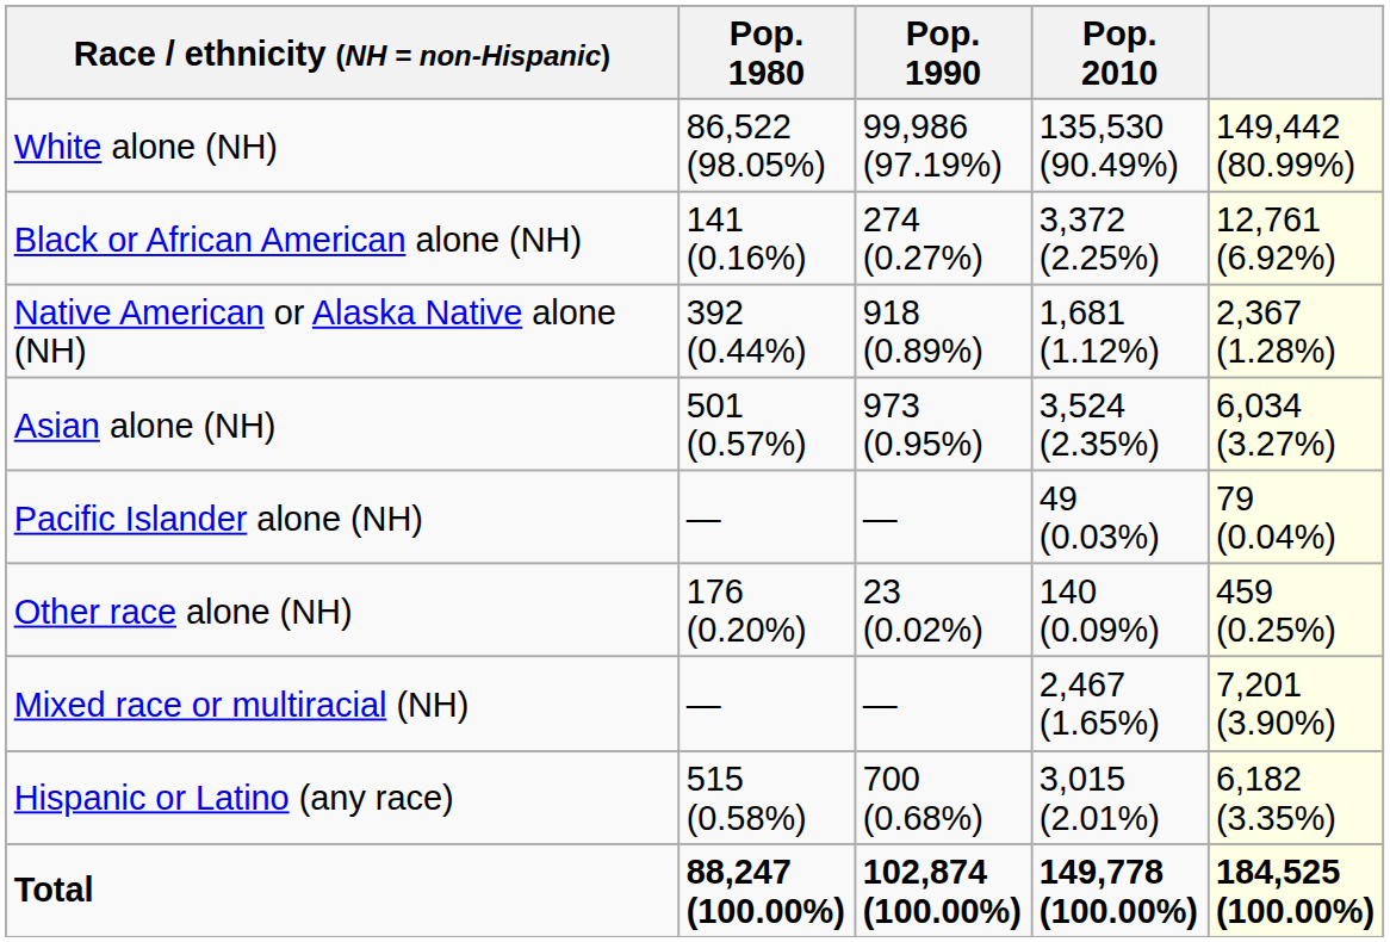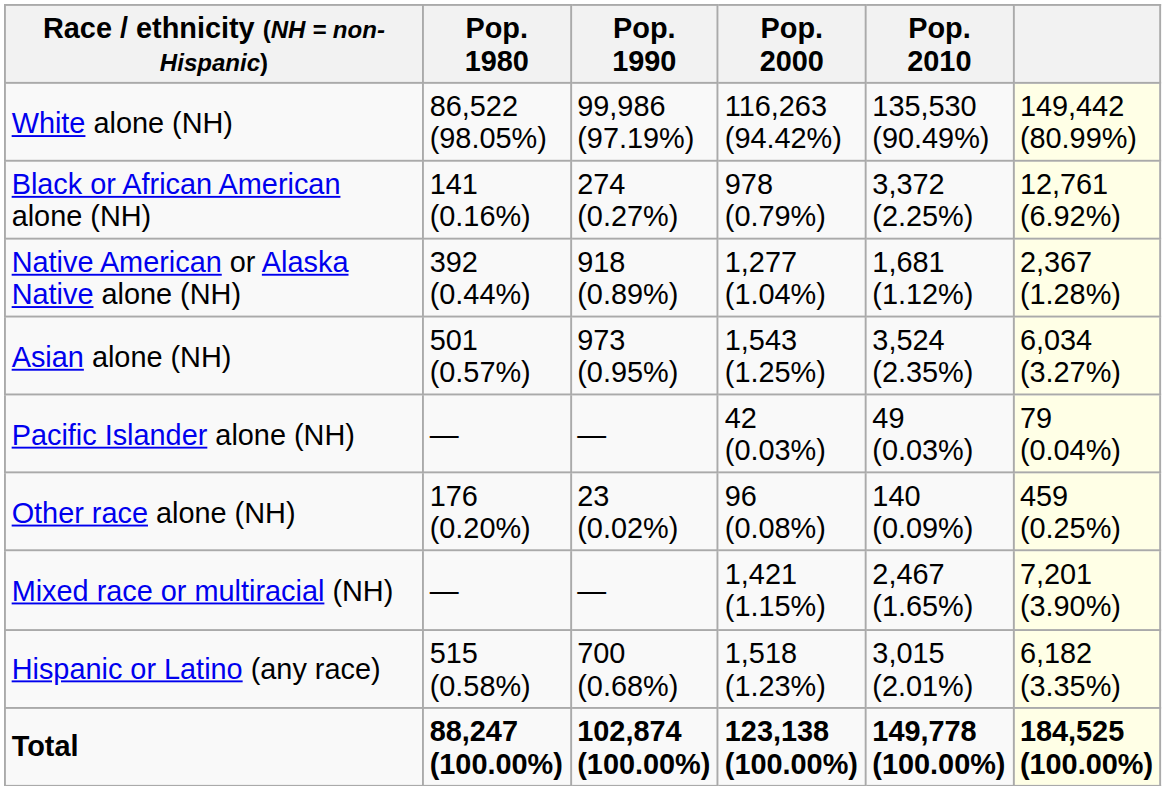 <table class="wikitable sortable collapsible" style="font-size: 95%;">
 <tr>
 <th>Race / ethnicity <small>(<em>NH = non-Hispanic</em>)</small></th>
 <th>Pop. 1980</th>
 <th>Pop. 1990</th>
+<th>Pop. 2000</th>
 <th>Pop. 2010</th>
 <th></th>
 </tr>
 <tr>
 <td><a href='#'>White</a> alone (NH)</td>
 <td>86,522<br>(98.05%)</td>
 <td>99,986<br>(97.19%)</td>
+<td>116,263<br>(94.42%)</td>
 <td>135,530<br>(90.49%)</td>
 <td style='background: #ffffe6;'>149,442<br>(80.99%)</td>
 </tr>
 <tr>
 <td><a href='#'>Black or African American</a> alone (NH)</td>
 <td>141<br>(0.16%)</td>
 <td>274<br>(0.27%)</td>
+<td>978<br>(0.79%)</td>
 <td>3,372<br>(2.25%)</td>
 <td style='background: #ffffe6;'>12,761<br>(6.92%)</td>
 </tr>
 <tr>
 <td><a href='#'>Native American</a> or <a href='#'>Alaska Native</a> alone (NH)</td>
 <td>392<br>(0.44%)</td>
 <td>918<br>(0.89%)</td>
+<td>1,277<br>(1.04%)</td>
 <td>1,681<br>(1.12%)</td>
 <td style='background: #ffffe6;'>2,367<br>(1.28%)</td>
 </tr>
 <tr>
 <td><a href='#'>Asian</a> alone (NH)</td>
 <td>501<br>(0.57%)</td>
 <td>973<br>(0.95%)</td>
+<td>1,543<br>(1.25%)</td>
 <td>3,524<br>(2.35%)</td>
 <td style='background: #ffffe6;'>6,034<br>(3.27%)</td>
 </tr>
 <tr>
 <td><a href='#'>Pacific Islander</a> alone (NH)</td>
 <td>—</td>
 <td>—</td>
+<td>42<br>(0.03%)</td>
 <td>49<br>(0.03%)</td>
 <td style='background: #ffffe6;'>79<br>(0.04%)</td>
 </tr>
 <tr>
 <td><a href='#'>Other race</a> alone (NH)</td>
 <td>176<br>(0.20%)</td>
 <td>23<br>(0.02%)</td>
+<td>96<br>(0.08%)</td>
 <td>140<br>(0.09%)</td>
 <td style='background: #ffffe6;'>459<br>(0.25%)</td>
 </tr>
 <tr>
 <td><a href='#'>Mixed race or multiracial</a> (NH)</td>
 <td>—</td>
 <td>—</td>
+<td>1,421<br>(1.15%)</td>
 <td>2,467<br>(1.65%)</td>
 <td style='background: #ffffe6;'>7,201<br>(3.90%)</td>
 </tr>
 <tr>
 <td><a href='#'>Hispanic or Latino</a> (any race)</td>
 <td>515<br>(0.58%)</td>
 <td>700<br>(0.68%)</td>
+<td>1,518<br>(1.23%)</td>
 <td>3,015<br>(2.01%)</td>
 <td style='background: #ffffe6;'>6,182<br>(3.35%)</td>
 </tr>
 <tr>
 <td><strong>Total</strong></td>
 <td><strong>88,247<br>(100.00%)</strong></td>
 <td><strong>102,874<br>(100.00%)</strong></td>
+<td><strong>123,138<br>(100.00%)</strong></td>
 <td><strong>149,778<br>(100.00%)</strong></td>
 <td style='background: #ffffe6;'><strong>184,525<br>(100.00%)</strong></td>
 </tr>
 </table>
